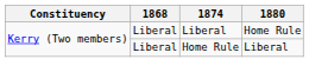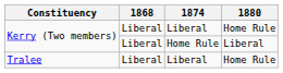 <table class="wikitable">
 <tr>
 <th>Constituency</th>
 <th>1868</th>
 <th>1874</th>
 <th>1880</th>
 </tr>
 <tr>
 <td rowspan="2"><a href='#'>Kerry</a> (Two members)</td>
 <td>Liberal</td>
 <td>Liberal</td>
 <td>Home Rule</td>
 </tr>
 <tr>
 <td>Liberal</td>
 <td>Home Rule</td>
 <td>Liberal</td>
 </tr>
+<tr>
+<td><a href='#'>Tralee</a></td>
+<td>Liberal</td>
+<td>Liberal</td>
+<td>Home Rule</td>
+</tr>
 </table>
